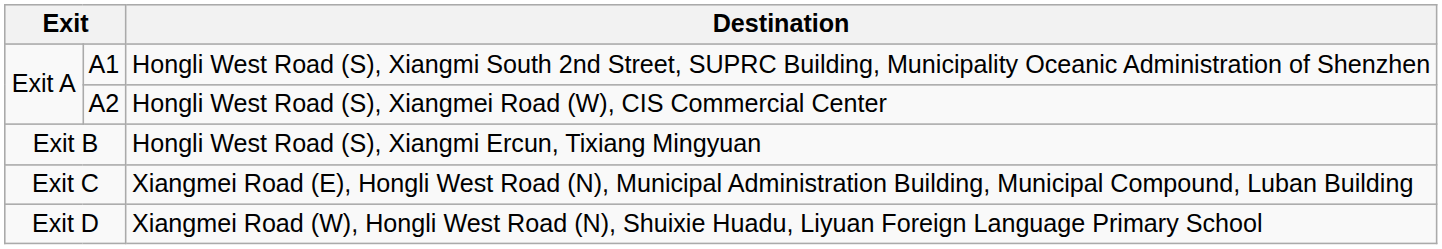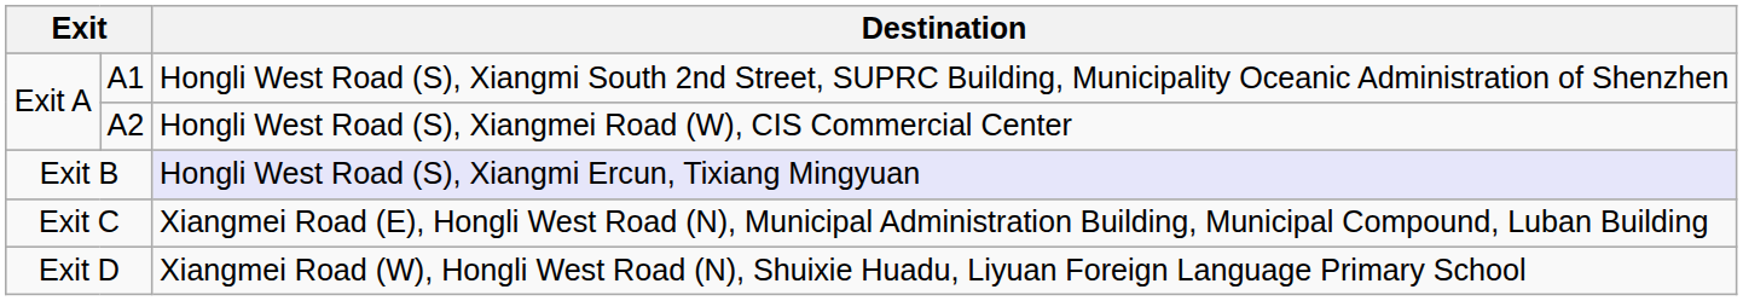 <table class="wikitable">
 <tr>
 <th colspan="2" style="width:70px">Exit</th>
 <th>Destination</th>
 </tr>
 <tr>
 <td rowspan="2" align="center">Exit A</td>
 <td>A1</td>
 <td>Hongli West Road (S), Xiangmi South 2nd Street, SUPRC Building, Municipality Oceanic Administration of Shenzhen</td>
 </tr>
 <tr>
 <td>A2</td>
 <td>Hongli West Road (S), Xiangmei Road (W), CIS Commercial Center</td>
 </tr>
 <tr>
 <td colspan="2" align="center">Exit B</td>
-<td>Hongli West Road (S), Xiangmi Ercun, Tixiang Mingyuan</td>
+<td style="background: lavender;">Hongli West Road (S), Xiangmi Ercun, Tixiang Mingyuan</td>
 </tr>
 <tr>
 <td colspan="2" align="center">Exit C</td>
 <td>Xiangmei Road (E), Hongli West Road (N), Municipal Administration Building, Municipal Compound, Luban Building</td>
 </tr>
 <tr>
 <td colspan="2" align="center">Exit D</td>
 <td>Xiangmei Road (W), Hongli West Road (N), Shuixie Huadu, Liyuan Foreign Language Primary School</td>
 </tr>
 </table>
